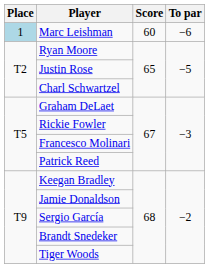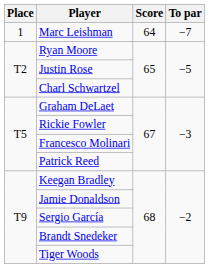 <table class="wikitable">
 <tr>
 <th>Place</th>
 <th>Player</th>
 <th>Score</th>
 <th>To par</th>
 </tr>
 <tr>
-<td align=center style="background: lightblue;">1</td>
+<td align=center>1</td>
 <td> <a href='#'>Marc Leishman</a></td>
-<td align=center>60</td>
-<td align=center>−6</td>
+<td align=center>64</td>
+<td align=center>−7</td>
 </tr>
 <tr>
 <td align=center rowspan=3>T2</td>
 <td> <a href='#'>Ryan Moore</a></td>
 <td align=center rowspan=3>65</td>
 <td align=center rowspan=3>−5</td>
 </tr>
 <tr>
 <td> <a href='#'>Justin Rose</a></td>
 </tr>
 <tr>
 <td> <a href='#'>Charl Schwartzel</a></td>
 </tr>
 <tr>
 <td align=center rowspan=4>T5</td>
 <td> <a href='#'>Graham DeLaet</a></td>
 <td align=center rowspan=4>67</td>
 <td align=center rowspan=4>−3</td>
 </tr>
 <tr>
 <td> <a href='#'>Rickie Fowler</a></td>
 </tr>
 <tr>
 <td> <a href='#'>Francesco Molinari</a></td>
 </tr>
 <tr>
 <td> <a href='#'>Patrick Reed</a></td>
 </tr>
 <tr>
 <td align=center rowspan=5>T9</td>
 <td> <a href='#'>Keegan Bradley</a></td>
 <td align=center rowspan=5>68</td>
 <td align=center rowspan=5>−2</td>
 </tr>
 <tr>
 <td> <a href='#'>Jamie Donaldson</a></td>
 </tr>
 <tr>
 <td> <a href='#'>Sergio García</a></td>
 </tr>
 <tr>
 <td> <a href='#'>Brandt Snedeker</a></td>
 </tr>
 <tr>
 <td> <a href='#'>Tiger Woods</a></td>
 </tr>
 </table>
